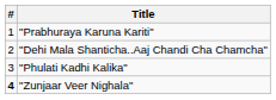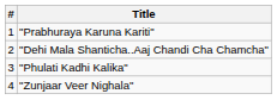 <table class="wikitable" style="font-size:95%;">
 <tr>
 <th>#</th>
 <th>Title</th>
 </tr>
 <tr>
 <td>1</td>
 <td>"Prabhuraya Karuna Kariti"</td>
 </tr>
 <tr>
 <td>2</td>
 <td>"Dehi Mala Shanticha..Aaj Chandi Cha Chamcha"</td>
 </tr>
 <tr>
 <td>3</td>
 <td>"Phulati Kadhi Kalika"</td>
 </tr>
 <tr>
-<td><strong>4</strong></td>
+<td>4</td>
 <td>"Zunjaar Veer Nighala"</td>
 </tr>
 </table>
